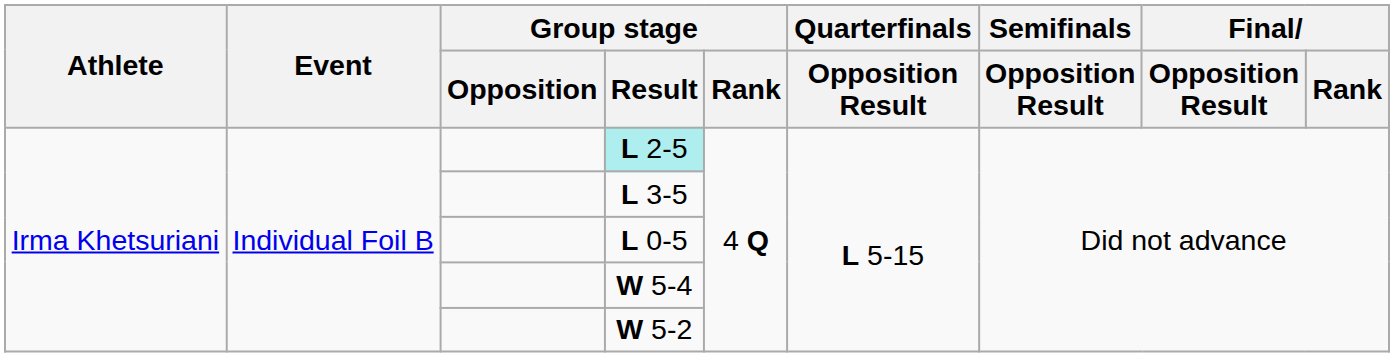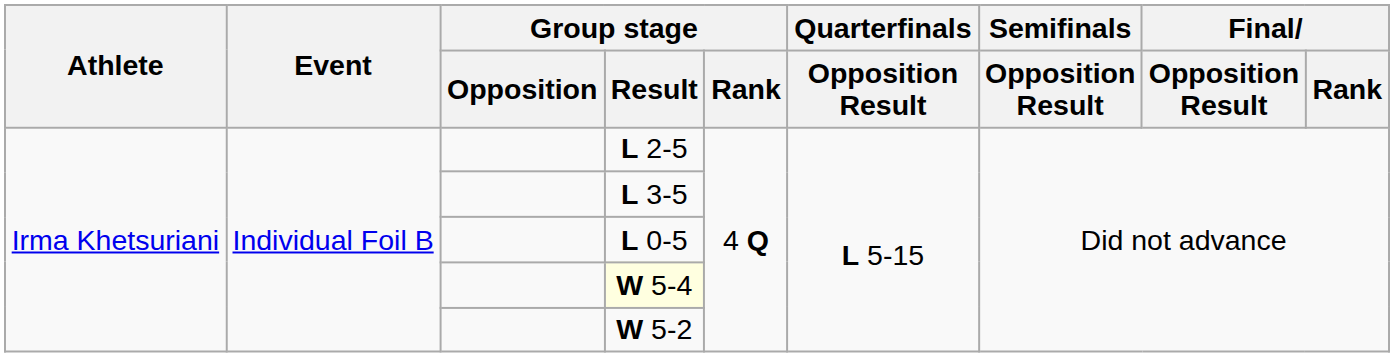 <table class=wikitable style="font-size:90%">
 <tr>
 <th rowspan="2">Athlete</th>
 <th rowspan="2">Event</th>
 <th colspan="3">Group stage</th>
 <th>Quarterfinals</th>
 <th>Semifinals</th>
 <th colspan="2">Final/</th>
 </tr>
 <tr>
 <th>Opposition</th>
 <th>Result</th>
 <th>Rank</th>
 <th>Opposition<br>Result</th>
 <th>Opposition<br>Result</th>
 <th>Opposition<br>Result</th>
 <th>Rank</th>
 </tr>
 <tr>
 <td rowspan=5><a href='#'>Irma Khetsuriani</a></td>
 <td rowspan=5><a href='#'>Individual Foil B</a></td>
 <td></td>
-<td align=center style="background: paleturquoise;"><strong>L</strong> 2-5</td>
+<td align=center><strong>L</strong> 2-5</td>
 <td align=center rowspan=5>4 <strong>Q</strong></td>
 <td rowspan=5 align=center><br><strong>L</strong> 5-15</td>
 <td rowspan=5 colspan=3 align=center>Did not advance</td>
 </tr>
 <tr>
 <td></td>
 <td align=center><strong>L</strong> 3-5</td>
 </tr>
 <tr>
 <td></td>
 <td align=center><strong>L</strong> 0-5</td>
 </tr>
 <tr>
 <td></td>
-<td align=center><strong>W</strong> 5-4</td>
+<td align=center style="background: lightyellow;"><strong>W</strong> 5-4</td>
 </tr>
 <tr>
 <td></td>
 <td align=center><strong>W</strong> 5-2</td>
 </tr>
 </table>
